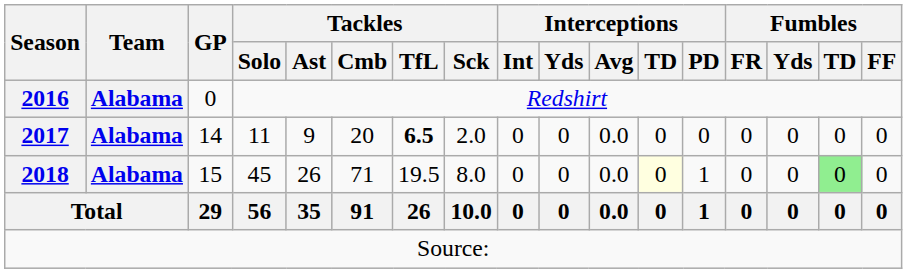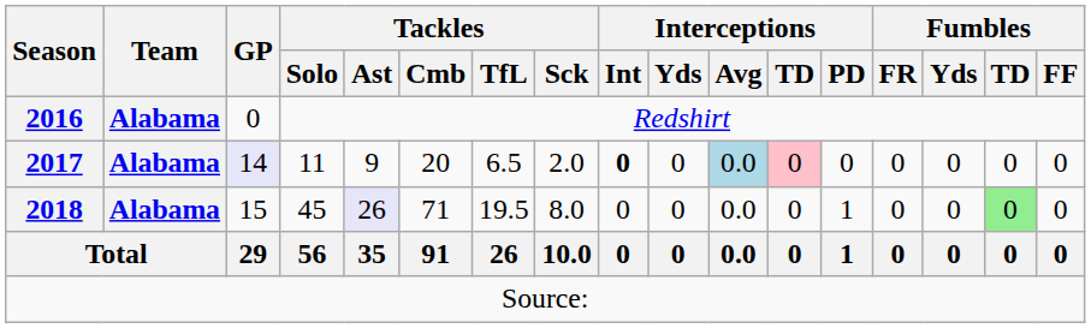 <table class="wikitable" style="text-align:center;">
 <tr>
 <th rowspan="2">Season</th>
 <th rowspan="2">Team</th>
 <th rowspan="2">GP</th>
 <th colspan="5">Tackles</th>
 <th colspan="5">Interceptions</th>
 <th colspan="4">Fumbles</th>
 </tr>
 <tr>
 <th>Solo</th>
 <th>Ast</th>
 <th>Cmb</th>
 <th>TfL</th>
 <th>Sck</th>
 <th>Int</th>
 <th>Yds</th>
 <th>Avg</th>
 <th>TD</th>
 <th>PD</th>
 <th>FR</th>
 <th>Yds</th>
 <th>TD</th>
 <th>FF</th>
 </tr>
 <tr>
 <th><a href='#'>2016</a></th>
 <th><a href='#'>Alabama</a></th>
 <td>0</td>
 <td colspan="14"> <em><a href='#'>Redshirt</a></em></td>
 </tr>
 <tr>
 <th><a href='#'>2017</a></th>
 <th><a href='#'>Alabama</a></th>
-<td>14</td>
+<td style="background: lavender;">14</td>
 <td>11</td>
 <td>9</td>
 <td>20</td>
-<td><strong>6.5</strong></td>
+<td>6.5</td>
 <td>2.0</td>
+<td><strong>0</strong></td>
 <td>0</td>
-<td>0</td>
-<td>0.0</td>
-<td>0</td>
+<td style="background: lightblue;">0.0</td>
+<td style="background: pink;">0</td>
 <td>0</td>
 <td>0</td>
 <td>0</td>
 <td>0</td>
 <td>0</td>
 </tr>
 <tr>
 <th><a href='#'>2018</a></th>
 <th><a href='#'>Alabama</a></th>
 <td>15</td>
 <td>45</td>
-<td>26</td>
+<td style="background: lavender;">26</td>
 <td>71</td>
 <td>19.5</td>
 <td>8.0</td>
 <td>0</td>
 <td>0</td>
 <td>0.0</td>
-<td style="background: lightyellow;">0</td>
+<td>0</td>
 <td>1</td>
 <td>0</td>
 <td>0</td>
 <td style="background: lightgreen;">0</td>
 <td>0</td>
 </tr>
 <tr>
 <th colspan="2">Total</th>
 <th>29</th>
 <th>56</th>
 <th>35</th>
 <th>91</th>
 <th>26</th>
 <th>10.0</th>
 <th>0</th>
 <th>0</th>
 <th>0.0</th>
 <th>0</th>
 <th>1</th>
 <th>0</th>
 <th>0</th>
 <th>0</th>
 <th>0</th>
 </tr>
 <tr>
 <td colspan="17">Source:</td>
 </tr>
 </table>
